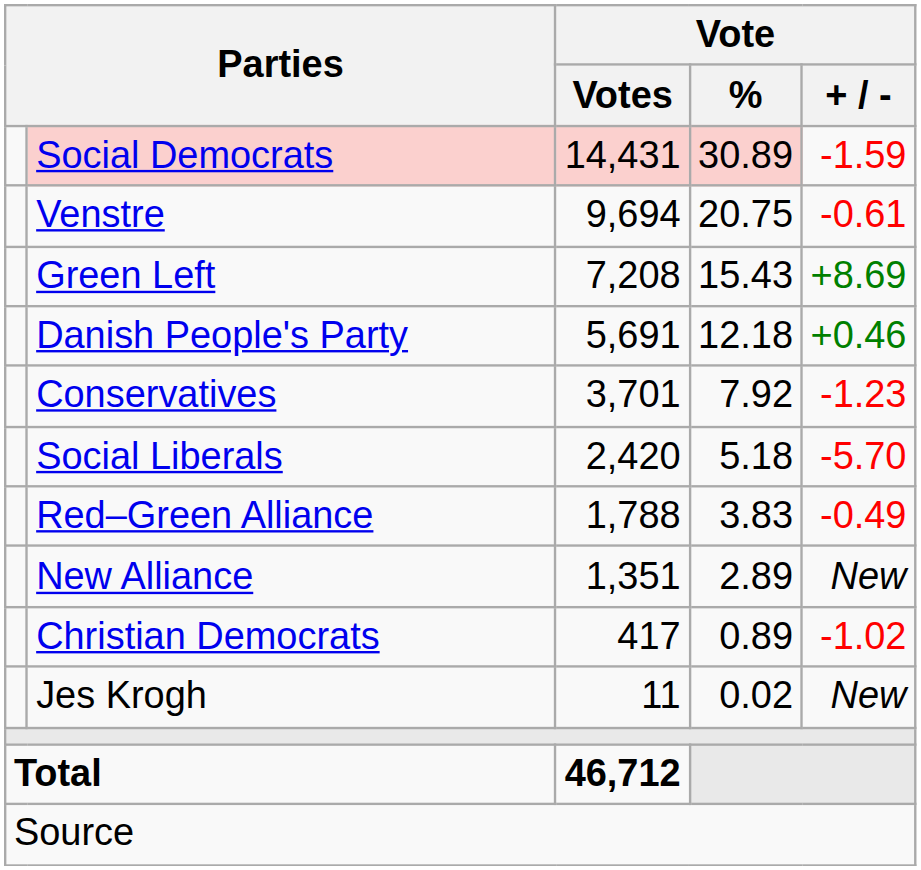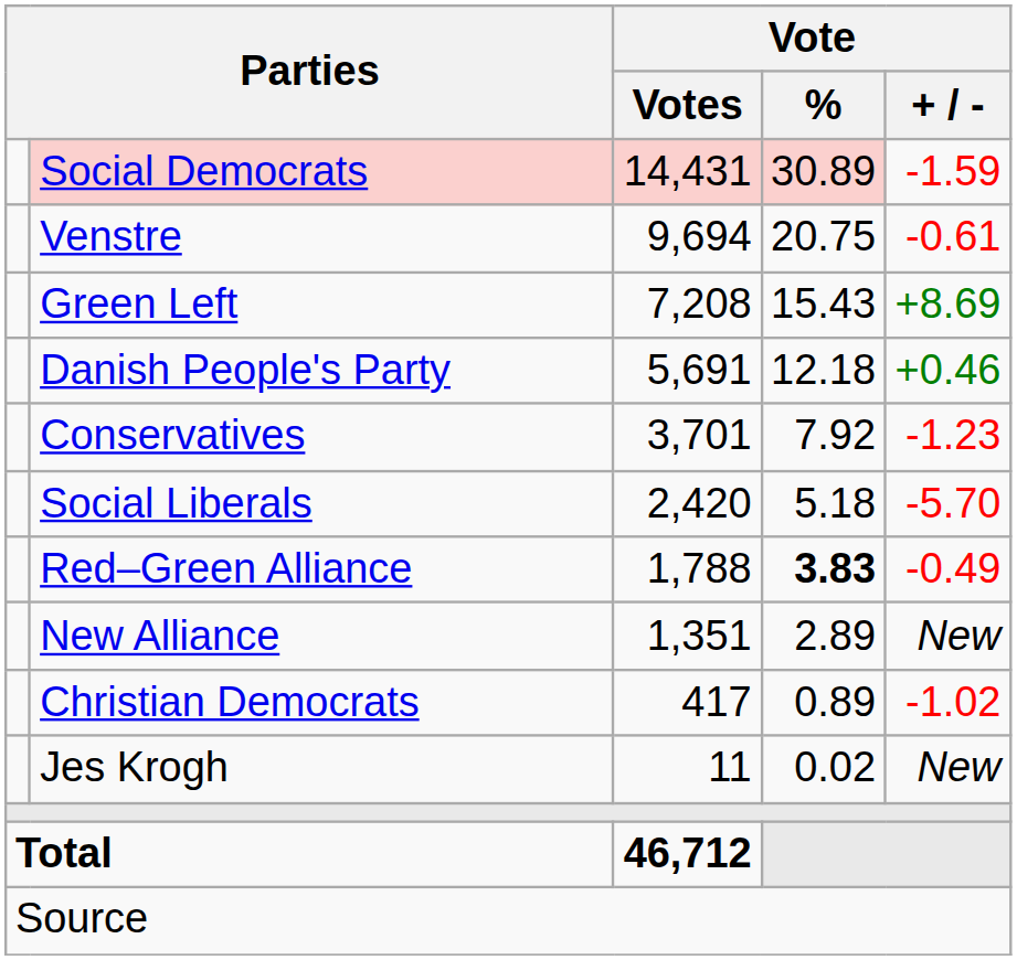 <table class="wikitable" style="text-align:right;">
 <tr>
 <th style="text-align:centre;" rowspan="2" colspan="2" width="225">Parties</th>
 <th colspan="3">Vote</th>
 </tr>
 <tr>
 <th width="15">Votes</th>
 <th width="15">%</th>
 <th width="15">+ / -</th>
 </tr>
 <tr>
 <td width="2" style="color:inherit;background:"></td>
 <td bgcolor=#fbd0ce  align="left"><a href='#'>Social Democrats</a></td>
 <td bgcolor=#fbd0ce>14,431</td>
 <td bgcolor=#fbd0ce>30.89</td>
 <td style=color:red;>-1.59</td>
 </tr>
 <tr>
 <td width="2" style="color:inherit;background:"></td>
 <td align="left"><a href='#'>Venstre</a></td>
 <td>9,694</td>
 <td>20.75</td>
 <td style=color:red;>-0.61</td>
 </tr>
 <tr>
 <td width="2" style="color:inherit;background:"></td>
 <td align="left"><a href='#'>Green Left</a></td>
 <td>7,208</td>
 <td>15.43</td>
 <td style=color:green;>+8.69</td>
 </tr>
 <tr>
 <td width="2" style="color:inherit;background:"></td>
 <td align="left"><a href='#'>Danish People's Party</a></td>
 <td>5,691</td>
 <td>12.18</td>
 <td style=color:green;>+0.46</td>
 </tr>
 <tr>
 <td width="2" style="color:inherit;background:"></td>
 <td align="left"><a href='#'>Conservatives</a></td>
 <td>3,701</td>
 <td>7.92</td>
 <td style=color:red;>-1.23</td>
 </tr>
 <tr>
 <td width="2" style="color:inherit;background:"></td>
 <td align="left"><a href='#'>Social Liberals</a></td>
 <td>2,420</td>
 <td>5.18</td>
 <td style=color:red;>-5.70</td>
 </tr>
 <tr>
 <td width="2" style="color:inherit;background:"></td>
 <td align="left"><a href='#'>Red–Green Alliance</a></td>
 <td>1,788</td>
-<td>3.83</td>
+<td><strong>3.83</strong></td>
 <td style=color:red;>-0.49</td>
 </tr>
 <tr>
 <td width="2" style="color:inherit;background:"></td>
 <td align="left"><a href='#'>New Alliance</a></td>
 <td>1,351</td>
 <td>2.89</td>
 <td><em>New</em></td>
 </tr>
 <tr>
 <td width="2" style="color:inherit;background:"></td>
 <td align="left"><a href='#'>Christian Democrats</a></td>
 <td>417</td>
 <td>0.89</td>
 <td style=color:red;>-1.02</td>
 </tr>
 <tr>
 <td width="2" style="color:inherit;background:"></td>
 <td align="left">Jes Krogh</td>
 <td>11</td>
 <td>0.02</td>
 <td><em>New</em></td>
 </tr>
 <tr>
 <td colspan="7" bgcolor="#E9E9E9"></td>
 </tr>
 <tr>
 <td align="left" colspan="2"><strong>Total</strong></td>
 <td><strong>46,712</strong></td>
 <td bgcolor="#E9E9E9" colspan="2"></td>
 </tr>
 <tr>
 <td align="left" colspan="6">Source</td>
 </tr>
 </table>
